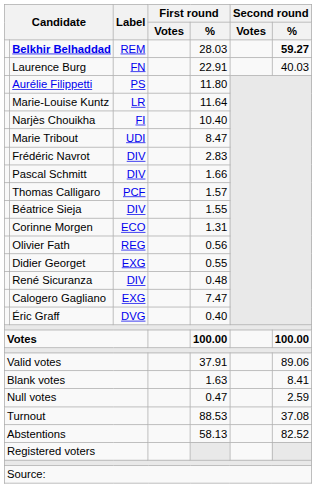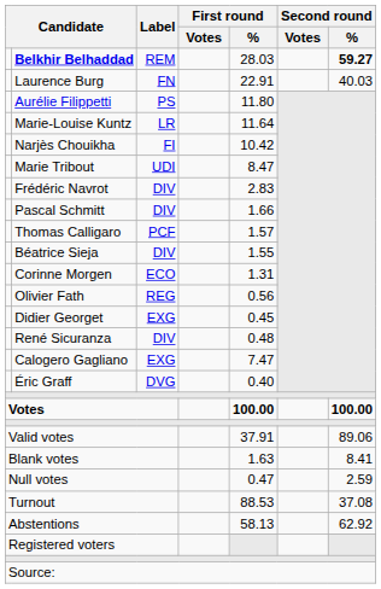 <table class="wikitable" style="text-align:right;font-size:95%;">
 <tr>
 <th rowspan="2" colspan="2">Candidate</th>
 <th rowspan="2">Label</th>
 <th colspan="2">First round</th>
 <th colspan="2">Second round</th>
 </tr>
 <tr>
 <th style="width:50px;">Votes</th>
 <th style="width:45px;">%</th>
 <th style="width:50px;">Votes</th>
 <th style="width:45px;">%</th>
 </tr>
 <tr>
 <td style="color:inherit;background:"></td>
 <td style="text-align:left;"><strong><a href='#'>Belkhir Belhaddad</a></strong></td>
 <td><a href='#'>REM</a></td>
 <td></td>
 <td>28.03</td>
 <td><strong></strong></td>
 <td><strong>59.27</strong></td>
 </tr>
 <tr>
 <td style="color:inherit;background:"></td>
 <td style="text-align:left;">Laurence Burg</td>
 <td><a href='#'>FN</a></td>
 <td></td>
 <td>22.91</td>
 <td></td>
 <td>40.03</td>
 </tr>
 <tr>
 <td style="color:inherit;background:"></td>
 <td style="text-align:left;"><a href='#'>Aurélie Filippetti</a></td>
 <td><a href='#'>PS</a></td>
 <td></td>
 <td>11.80</td>
 <td colspan="2" rowspan="14" style="background:#E9E9E9;"></td>
 </tr>
 <tr>
 <td style="color:inherit;background:"></td>
 <td style="text-align:left;">Marie-Louise Kuntz</td>
 <td><a href='#'>LR</a></td>
 <td></td>
 <td>11.64</td>
 </tr>
 <tr>
 <td style="color:inherit;background:"></td>
 <td style="text-align:left;">Narjès Chouikha</td>
 <td><a href='#'>FI</a></td>
 <td></td>
-<td>10.40</td>
+<td>10.42</td>
 </tr>
 <tr>
 <td style="color:inherit;background:"></td>
 <td style="text-align:left;">Marie Tribout</td>
 <td><a href='#'>UDI</a></td>
 <td></td>
 <td>8.47</td>
 </tr>
 <tr>
 <td style="color:inherit;background:"></td>
 <td style="text-align:left;">Frédéric Navrot</td>
 <td><a href='#'>DIV</a></td>
 <td></td>
 <td>2.83</td>
 </tr>
 <tr>
 <td style="color:inherit;background:"></td>
 <td style="text-align:left;">Pascal Schmitt</td>
 <td><a href='#'>DIV</a></td>
 <td></td>
 <td>1.66</td>
 </tr>
 <tr>
 <td style="color:inherit;background:"></td>
 <td style="text-align:left;">Thomas Calligaro</td>
 <td><a href='#'>PCF</a></td>
 <td></td>
 <td>1.57</td>
 </tr>
 <tr>
 <td style="color:inherit;background:"></td>
 <td style="text-align:left;">Béatrice Sieja</td>
 <td><a href='#'>DIV</a></td>
 <td></td>
 <td>1.55</td>
 </tr>
 <tr>
 <td style="color:inherit;background:"></td>
 <td style="text-align:left;">Corinne Morgen</td>
 <td><a href='#'>ECO</a></td>
 <td></td>
 <td>1.31</td>
 </tr>
 <tr>
 <td style="color:inherit;background:"></td>
 <td style="text-align:left;">Olivier Fath</td>
 <td><a href='#'>REG</a></td>
 <td></td>
 <td>0.56</td>
 </tr>
 <tr>
 <td style="color:inherit;background:"></td>
 <td style="text-align:left;">Didier Georget</td>
 <td><a href='#'>EXG</a></td>
 <td></td>
-<td>0.55</td>
+<td>0.45</td>
 </tr>
 <tr>
 <td style="color:inherit;background:"></td>
 <td style="text-align:left;">René Sicuranza</td>
 <td><a href='#'>DIV</a></td>
 <td></td>
 <td>0.48</td>
 </tr>
 <tr>
 <td style="color:inherit;background:"></td>
 <td style="text-align:left;">Calogero Gagliano</td>
 <td><a href='#'>EXG</a></td>
 <td></td>
 <td>7.47</td>
 </tr>
 <tr>
 <td style="color:inherit;background:"></td>
 <td style="text-align:left;">Éric Graff</td>
 <td><a href='#'>DVG</a></td>
 <td></td>
 <td>0.40</td>
 </tr>
 <tr>
 <td colspan="7" style="background:#E9E9E9;"></td>
 </tr>
 <tr style="font-weight:bold;">
 <td colspan="3" style="text-align:left;">Votes</td>
 <td></td>
 <td>100.00</td>
 <td></td>
 <td>100.00</td>
 </tr>
 <tr>
 <td colspan="7" style="background:#E9E9E9;"></td>
 </tr>
 <tr>
 <td colspan="3" style="text-align:left;">Valid votes</td>
 <td></td>
 <td>37.91</td>
 <td></td>
 <td>89.06</td>
 </tr>
 <tr>
 <td colspan="3" style="text-align:left;">Blank votes</td>
 <td></td>
 <td>1.63</td>
 <td></td>
 <td>8.41</td>
 </tr>
 <tr>
 <td colspan="3" style="text-align:left;">Null votes</td>
 <td></td>
 <td>0.47</td>
 <td></td>
 <td>2.59</td>
 </tr>
 <tr>
 <td colspan="3" style="text-align:left;">Turnout</td>
 <td></td>
 <td>88.53</td>
 <td></td>
 <td>37.08</td>
 </tr>
 <tr>
 <td colspan="3" style="text-align:left;">Abstentions</td>
 <td></td>
 <td>58.13</td>
 <td></td>
-<td>82.52</td>
+<td>62.92</td>
 </tr>
 <tr>
 <td colspan="3" style="text-align:left;">Registered voters</td>
 <td></td>
 <td style="background:#E9E9E9;"></td>
 <td></td>
 <td style="background:#E9E9E9;"></td>
 </tr>
 <tr>
 <td colspan="7" style="background:#E9E9E9;"></td>
 </tr>
 <tr>
 <td colspan="7" style="text-align:left;">Source: </td>
 </tr>
 </table>
